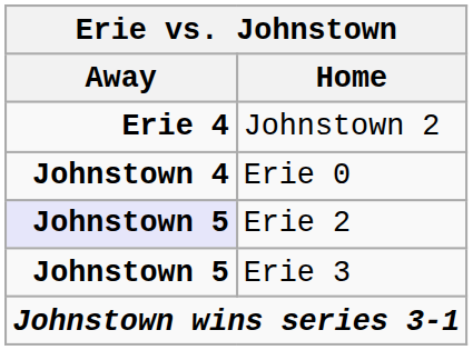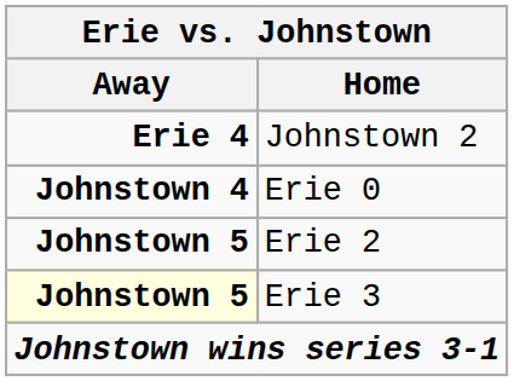 <table class="wikitable">
 <tr>
 <th bgcolor="#DDDDDD" colspan="4">Erie vs. Johnstown</th>
 </tr>
 <tr>
 <th>Away</th>
 <th>Home</th>
 </tr>
 <tr>
 <td align="right"><strong>Erie 4</strong></td>
 <td>Johnstown 2</td>
 </tr>
 <tr>
 <td align="right"><strong>Johnstown 4</strong></td>
 <td>Erie 0</td>
 </tr>
 <tr>
-<td align="right" style="background: lavender;"><strong>Johnstown 5</strong></td>
+<td align="right"><strong>Johnstown 5</strong></td>
 <td>Erie 2</td>
 </tr>
 <tr>
-<td align="right"><strong>Johnstown 5</strong></td>
+<td align="right" style="background: lightyellow;"><strong>Johnstown 5</strong></td>
 <td>Erie 3</td>
 </tr>
 <tr align="center">
 <td colspan="4"><strong><em>Johnstown wins series 3-1</em></strong></td>
 </tr>
 </table>
